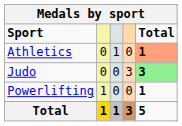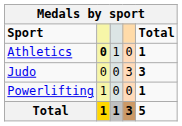 <table class=wikitable style="font-size:95%; ">
 <tr bgcolor=EFEFEF>
 <th colspan=7><strong>Medals by sport</strong></th>
 </tr>
 <tr>
 <td><strong>Sport</strong></td>
 <td bgcolor=F7F6A8></td>
 <td bgcolor=DCE5E5></td>
 <td bgcolor=FFDBA9></td>
 <td><strong>Total</strong></td>
 </tr>
 <tr>
 <td><a href='#'>Athletics</a></td>
-<td bgcolor=F7F6A8>0</td>
+<td bgcolor=F7F6A8><strong>0</strong></td>
 <td bgcolor=DCE5E5>1</td>
 <td bgcolor=FFDAB9>0</td>
-<td style="background: lightsalmon;"><strong>1</strong></td>
+<td><strong>1</strong></td>
 </tr>
 <tr>
 <td><a href='#'>Judo</a></td>
 <td bgcolor=F7F6A8>0</td>
 <td bgcolor=DCE5E5>0</td>
 <td bgcolor=FFDAB9>3</td>
-<td style="background: lightgreen;"><strong>3</strong></td>
+<td><strong>3</strong></td>
 </tr>
 <tr>
 <td><a href='#'>Powerlifting</a></td>
 <td bgcolor=F7F6A8>1</td>
 <td bgcolor=DCE5E5>0</td>
 <td bgcolor=FFDAB9>0</td>
 <td><strong>1</strong></td>
 </tr>
 <tr>
 <th><strong>Total</strong></th>
 <td style="background:gold;"><strong>1</strong></td>
 <td style="background:silver;"><strong>1</strong></td>
 <td style="background:#c96;"><strong>3</strong></td>
 <td><strong>5</strong></td>
 </tr>
 </table>
